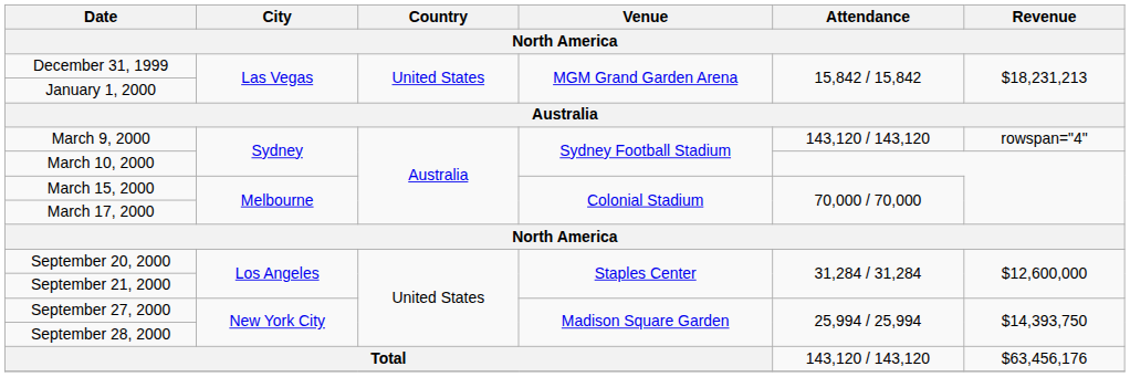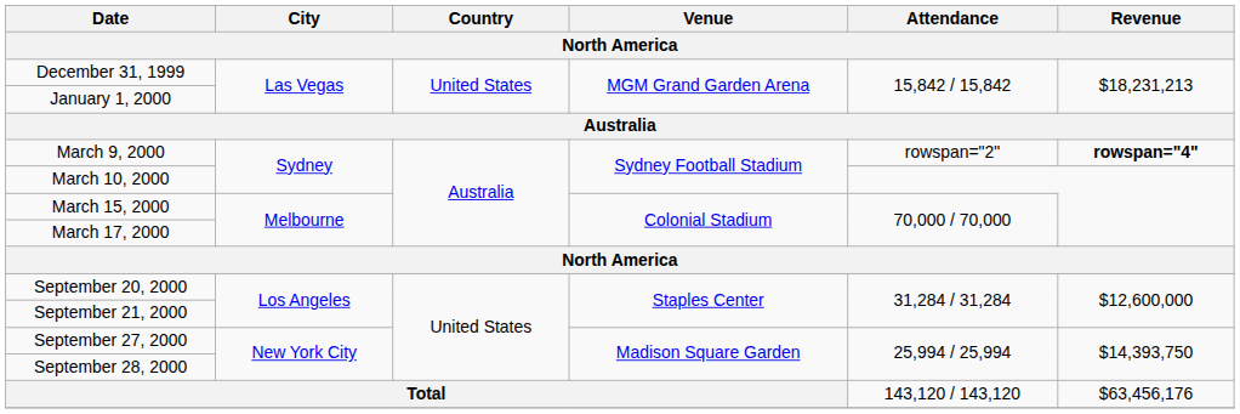 <table class="wikitable" style="text-align:center;">
 <tr>
 <th scope="col" style="width:12em;">Date</th>
 <th scope="col" style="width:10em;">City</th>
 <th scope="col" style="width:10em;">Country</th>
 <th scope="col" style="width:16em;">Venue</th>
 <th scope="col" style="width:12em;">Attendance</th>
 <th scope="col" style="width:10em;">Revenue</th>
 </tr>
 <tr>
 <th colspan="6">North America</th>
 </tr>
 <tr>
 <td>December 31, 1999</td>
 <td rowspan="2"><a href='#'>Las Vegas</a></td>
 <td rowspan="2"><a href='#'>United States</a></td>
 <td rowspan="2"><a href='#'>MGM Grand Garden Arena</a></td>
 <td rowspan="2">15,842 / 15,842</td>
 <td rowspan="2">$18,231,213</td>
 </tr>
 <tr>
 <td>January 1, 2000</td>
 </tr>
 <tr>
 <th colspan="6">Australia</th>
 </tr>
 <tr>
 <td>March 9, 2000</td>
 <td rowspan="2"><a href='#'>Sydney</a></td>
 <td rowspan="4"><a href='#'>Australia</a></td>
 <td rowspan="2"><a href='#'>Sydney Football Stadium</a></td>
-<td>143,120 / 143,120</td>
-<td>rowspan="4" </td>
+<td>rowspan="2" </td>
+<td><strong>rowspan="4" </strong></td>
 </tr>
 <tr>
 <td>March 10, 2000</td>
 </tr>
 <tr>
 <td>March 15, 2000</td>
 <td rowspan="2"><a href='#'>Melbourne</a></td>
 <td rowspan="2"><a href='#'>Colonial Stadium</a></td>
 <td rowspan="2">70,000 / 70,000</td>
 </tr>
 <tr>
 <td>March 17, 2000</td>
 </tr>
 <tr>
 <th colspan="6">North America</th>
 </tr>
 <tr>
 <td>September 20, 2000</td>
 <td rowspan="2"><a href='#'>Los Angeles</a></td>
 <td rowspan="4">United States</td>
 <td rowspan="2"><a href='#'>Staples Center</a></td>
 <td rowspan="2">31,284 / 31,284</td>
 <td rowspan="2">$12,600,000</td>
 </tr>
 <tr>
 <td>September 21, 2000</td>
 </tr>
 <tr>
 <td>September 27, 2000</td>
 <td rowspan="2"><a href='#'>New York City</a></td>
 <td rowspan="2"><a href='#'>Madison Square Garden</a></td>
 <td rowspan="2">25,994 / 25,994</td>
 <td rowspan="2">$14,393,750</td>
 </tr>
 <tr>
 <td>September 28, 2000</td>
 </tr>
 <tr>
 <th colspan="4">Total</th>
 <td>143,120 / 143,120</td>
 <td>$63,456,176</td>
 </tr>
 <tr>
 </tr>
 </table>
